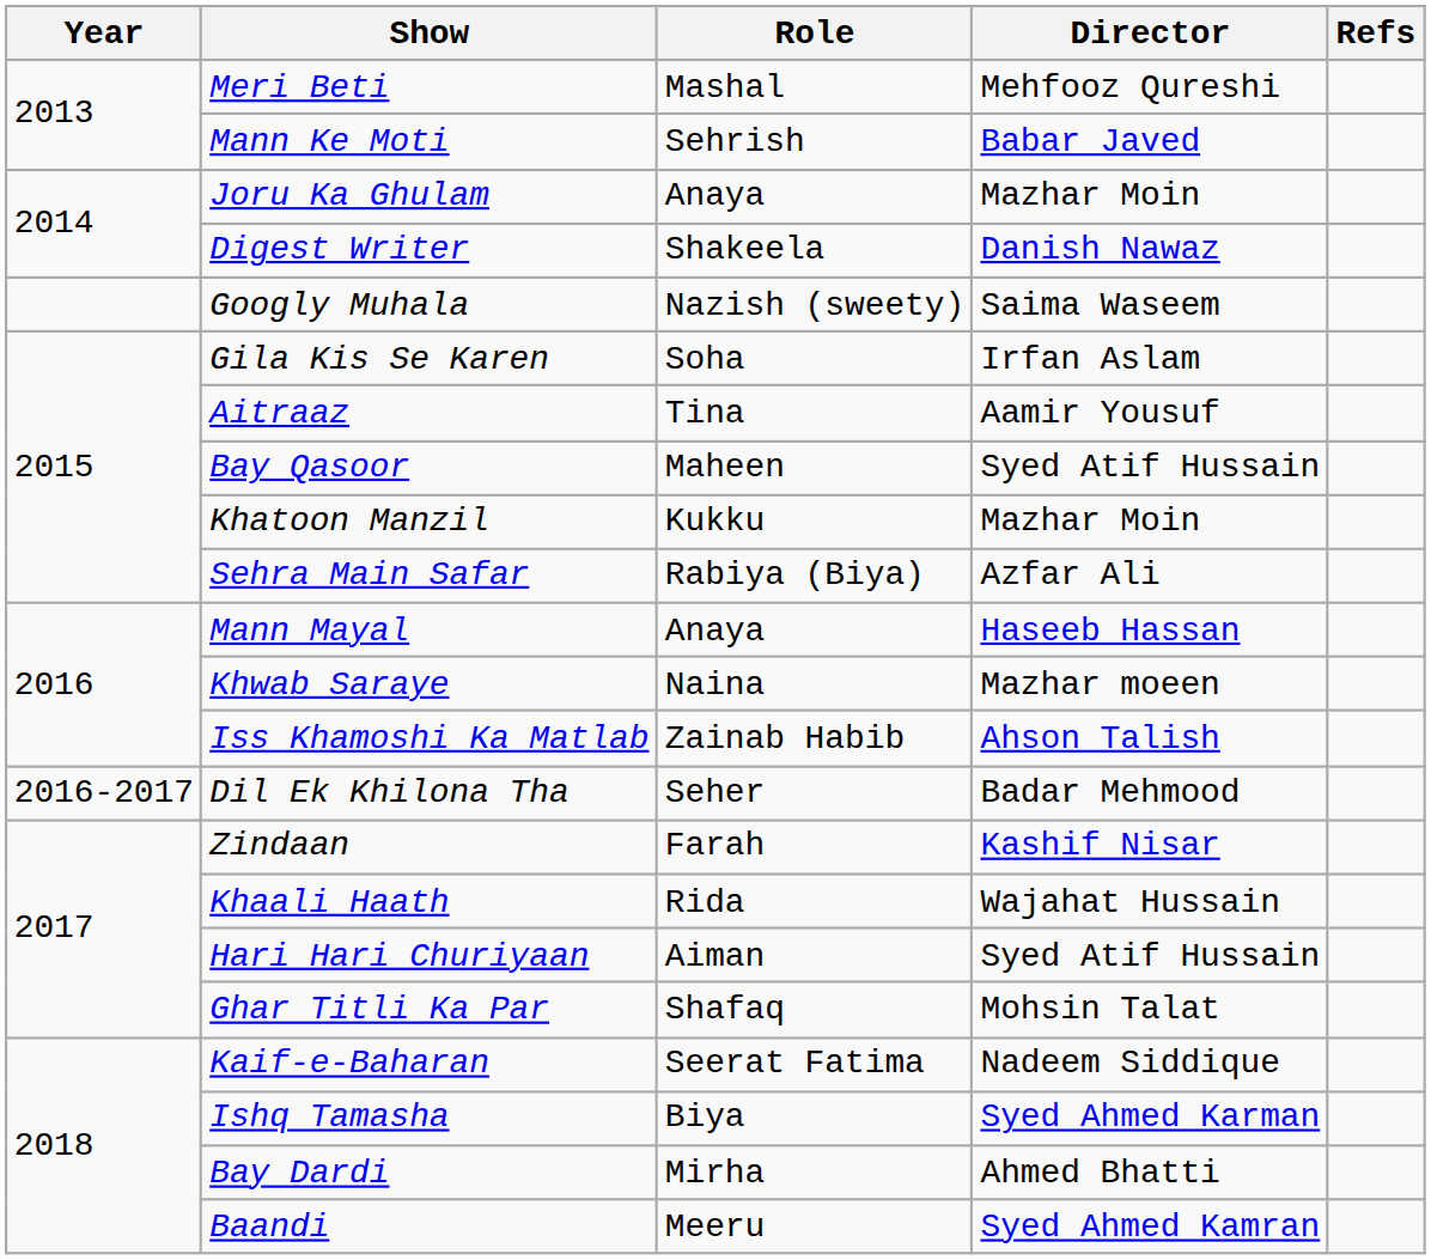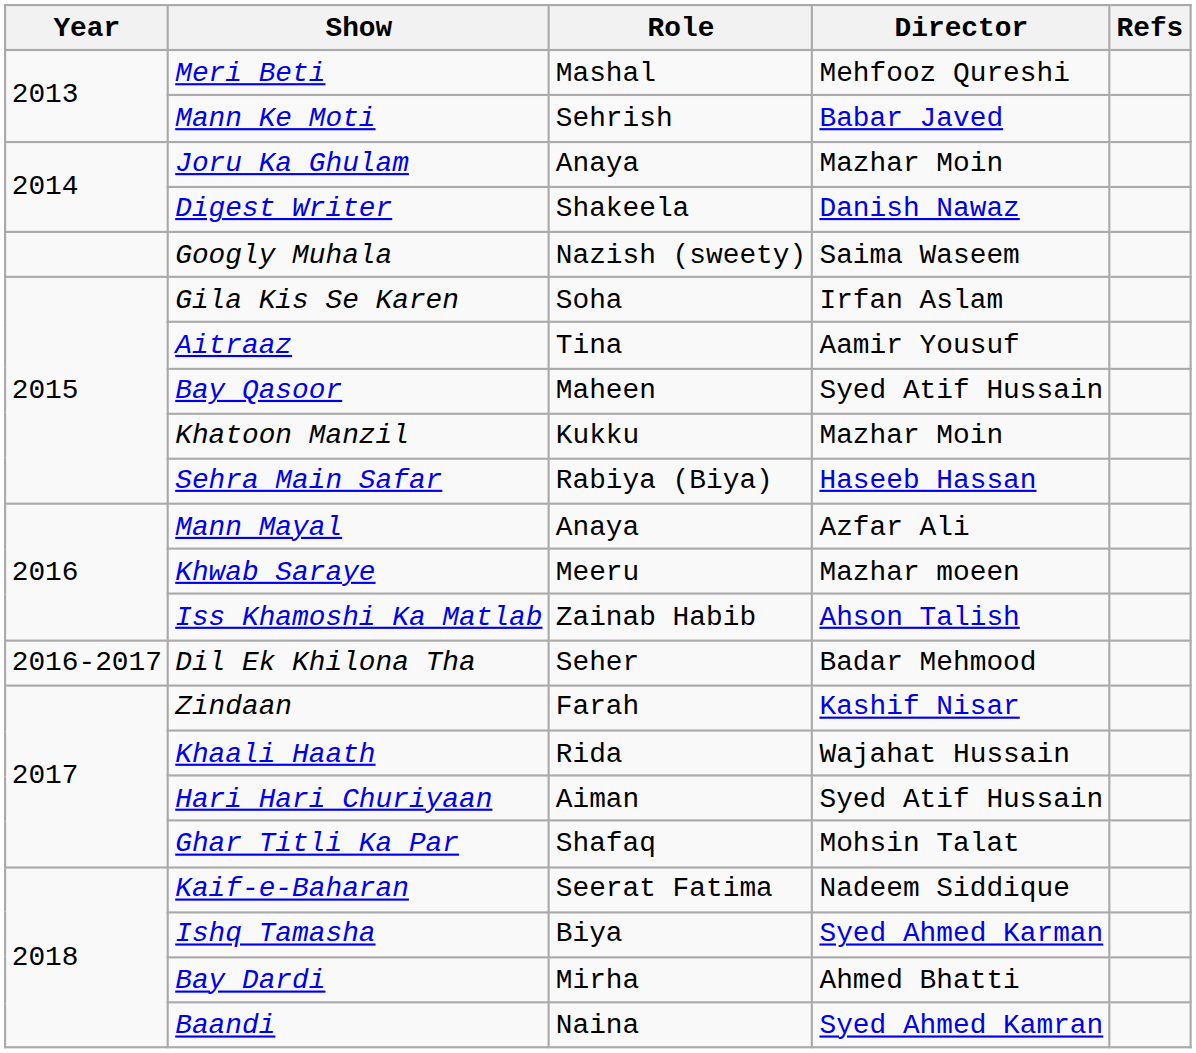 <table class="wikitable sortable plainrowheaders">
 <tr style="text-align:center;">
 <th scope="col">Year</th>
 <th scope="col">Show</th>
 <th scope="col">Role</th>
 <th scope="col">Director</th>
 <th class="unsortable" scope="col">Refs</th>
 </tr>
 <tr>
 <td rowspan="2">2013</td>
 <td><em><a href='#'>Meri Beti</a></em></td>
 <td>Mashal</td>
 <td>Mehfooz Qureshi</td>
 <td></td>
 </tr>
 <tr>
 <td><em><a href='#'>Mann Ke Moti</a></em></td>
 <td>Sehrish</td>
 <td><a href='#'>Babar Javed</a></td>
 <td></td>
 </tr>
 <tr>
 <td rowspan="2">2014</td>
 <td><em><a href='#'>Joru Ka Ghulam</a></em></td>
 <td>Anaya</td>
 <td>Mazhar Moin</td>
 <td></td>
 </tr>
 <tr>
 <td><em><a href='#'>Digest Writer</a></em></td>
 <td>Shakeela</td>
 <td><a href='#'>Danish Nawaz</a></td>
 <td></td>
 </tr>
 <tr>
 <td></td>
 <td><em>Googly Muhala</em></td>
 <td>Nazish (sweety)</td>
 <td>Saima Waseem</td>
 </tr>
 <tr>
 <td rowspan="5">2015</td>
 <td><em>Gila Kis Se Karen</em></td>
 <td>Soha</td>
 <td>Irfan Aslam</td>
 <td></td>
 </tr>
 <tr>
 <td><em><a href='#'>Aitraaz</a></em></td>
 <td>Tina</td>
 <td>Aamir Yousuf</td>
 <td></td>
 </tr>
 <tr>
 <td><em><a href='#'>Bay Qasoor</a></em></td>
 <td>Maheen</td>
 <td>Syed Atif Hussain</td>
 <td></td>
 </tr>
 <tr>
 <td><em>Khatoon Manzil</em></td>
 <td>Kukku</td>
 <td>Mazhar Moin</td>
 <td></td>
 </tr>
 <tr>
 <td><em><a href='#'>Sehra Main Safar</a></em></td>
 <td>Rabiya (Biya)</td>
-<td>Azfar Ali</td>
+<td><a href='#'>Haseeb Hassan</a></td>
 <td></td>
 </tr>
 <tr>
 <td rowspan="3">2016</td>
 <td><em><a href='#'>Mann Mayal</a></em></td>
 <td>Anaya</td>
-<td><a href='#'>Haseeb Hassan</a></td>
+<td>Azfar Ali</td>
 <td></td>
 </tr>
 <tr>
 <td><em><a href='#'>Khwab Saraye</a></em></td>
-<td>Naina</td>
+<td>Meeru</td>
 <td>Mazhar moeen</td>
 <td></td>
 </tr>
 <tr>
 <td><em><a href='#'>Iss Khamoshi Ka Matlab</a></em></td>
 <td>Zainab Habib</td>
 <td><a href='#'>Ahson Talish</a></td>
 <td></td>
 </tr>
 <tr>
 <td>2016-2017</td>
 <td><em>Dil Ek Khilona Tha</em></td>
 <td>Seher</td>
 <td>Badar Mehmood</td>
 <td></td>
 </tr>
 <tr>
 <td rowspan="4">2017</td>
 <td><em>Zindaan</em></td>
 <td>Farah</td>
 <td><a href='#'>Kashif Nisar</a></td>
 <td></td>
 </tr>
 <tr>
 <td><em><a href='#'>Khaali Haath</a></em></td>
 <td>Rida</td>
 <td>Wajahat Hussain</td>
 <td></td>
 </tr>
 <tr>
 <td><em><a href='#'>Hari Hari Churiyaan</a></em></td>
 <td>Aiman</td>
 <td>Syed Atif Hussain</td>
 <td></td>
 </tr>
 <tr>
 <td><em><a href='#'>Ghar Titli Ka Par</a></em></td>
 <td>Shafaq</td>
 <td>Mohsin Talat</td>
 <td></td>
 </tr>
 <tr>
 <td rowspan="4">2018</td>
 <td><em><a href='#'>Kaif-e-Baharan</a></em></td>
 <td>Seerat Fatima</td>
 <td>Nadeem Siddique</td>
 <td></td>
 </tr>
 <tr>
 <td><em><a href='#'>Ishq Tamasha</a></em></td>
 <td>Biya</td>
 <td><a href='#'>Syed Ahmed Karman</a></td>
 <td></td>
 </tr>
 <tr>
 <td><em><a href='#'>Bay Dardi</a></em></td>
 <td>Mirha</td>
 <td>Ahmed Bhatti</td>
 <td></td>
 </tr>
 <tr>
 <td><em><a href='#'>Baandi</a></em></td>
-<td>Meeru</td>
+<td>Naina</td>
 <td><a href='#'>Syed Ahmed Kamran</a></td>
 <td></td>
 </tr>
 </table>
